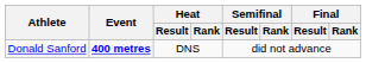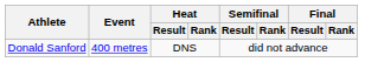 <table class="wikitable" style="font-size:90%">
 <tr>
 <th rowspan="2">Athlete</th>
 <th rowspan="2">Event</th>
 <th colspan="2">Heat</th>
 <th colspan="2">Semifinal</th>
 <th colspan="2">Final</th>
 </tr>
 <tr style="font-size:95%">
 <th>Result</th>
 <th>Rank</th>
 <th>Result</th>
 <th>Rank</th>
 <th>Result</th>
 <th>Rank</th>
 </tr>
 <tr style=text-align:center>
 <td style=text-align:left><a href='#'>Donald Sanford</a></td>
-<td style=text-align:left><strong><a href='#'>400 metres</a></strong></td>
+<td style=text-align:left><a href='#'>400 metres</a></td>
 <td colspan=2>DNS</td>
 <td colspan=4>did not advance</td>
 </tr>
 </table>
